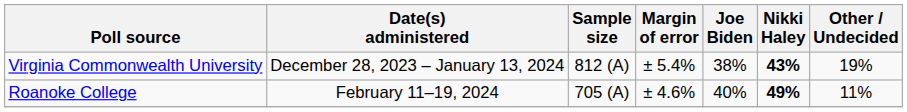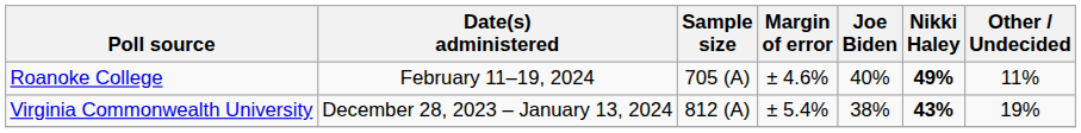 <table class="wikitable sortable mw-datatable" style="font-size:90%;text-align:center;line-height:17px">
 <tr valign=bottom>
 <th>Poll source</th>
 <th>Date(s)<br>administered</th>
 <th>Sample<br>size</th>
 <th>Margin<br>of error</th>
 <th class="unsortable">Joe<br>Biden<br></th>
 <th class="unsortable">Nikki<br>Haley<br></th>
 <th class="unsortable">Other /<br>Undecided</th>
 </tr>
 <tr>
+<td style="text-align:left;"><a href='#'>Roanoke College</a></td>
+<td>February 11–19, 2024</td>
+<td>705 (A)</td>
+<td>± 4.6%</td>
+<td>40%</td>
+<td style="background-color:"><strong>49%</strong></td>
+<td>11%</td>
+</tr>
+<tr>
 <td style="text-align:left;"><a href='#'>Virginia Commonwealth University</a></td>
 <td>December 28, 2023 – January 13, 2024</td>
 <td>812 (A)</td>
 <td>± 5.4%</td>
 <td>38%</td>
 <td style="background-color:"><strong>43%</strong></td>
 <td>19%</td>
 </tr>
 <tr>
-<td style="text-align:left;"><a href='#'>Roanoke College</a></td>
-<td>February 11–19, 2024</td>
-<td>705 (A)</td>
-<td>± 4.6%</td>
-<td>40%</td>
-<td style="background-color:"><strong>49%</strong></td>
-<td>11%</td>
-</tr>
-<tr>
 </tr>
 </table>
